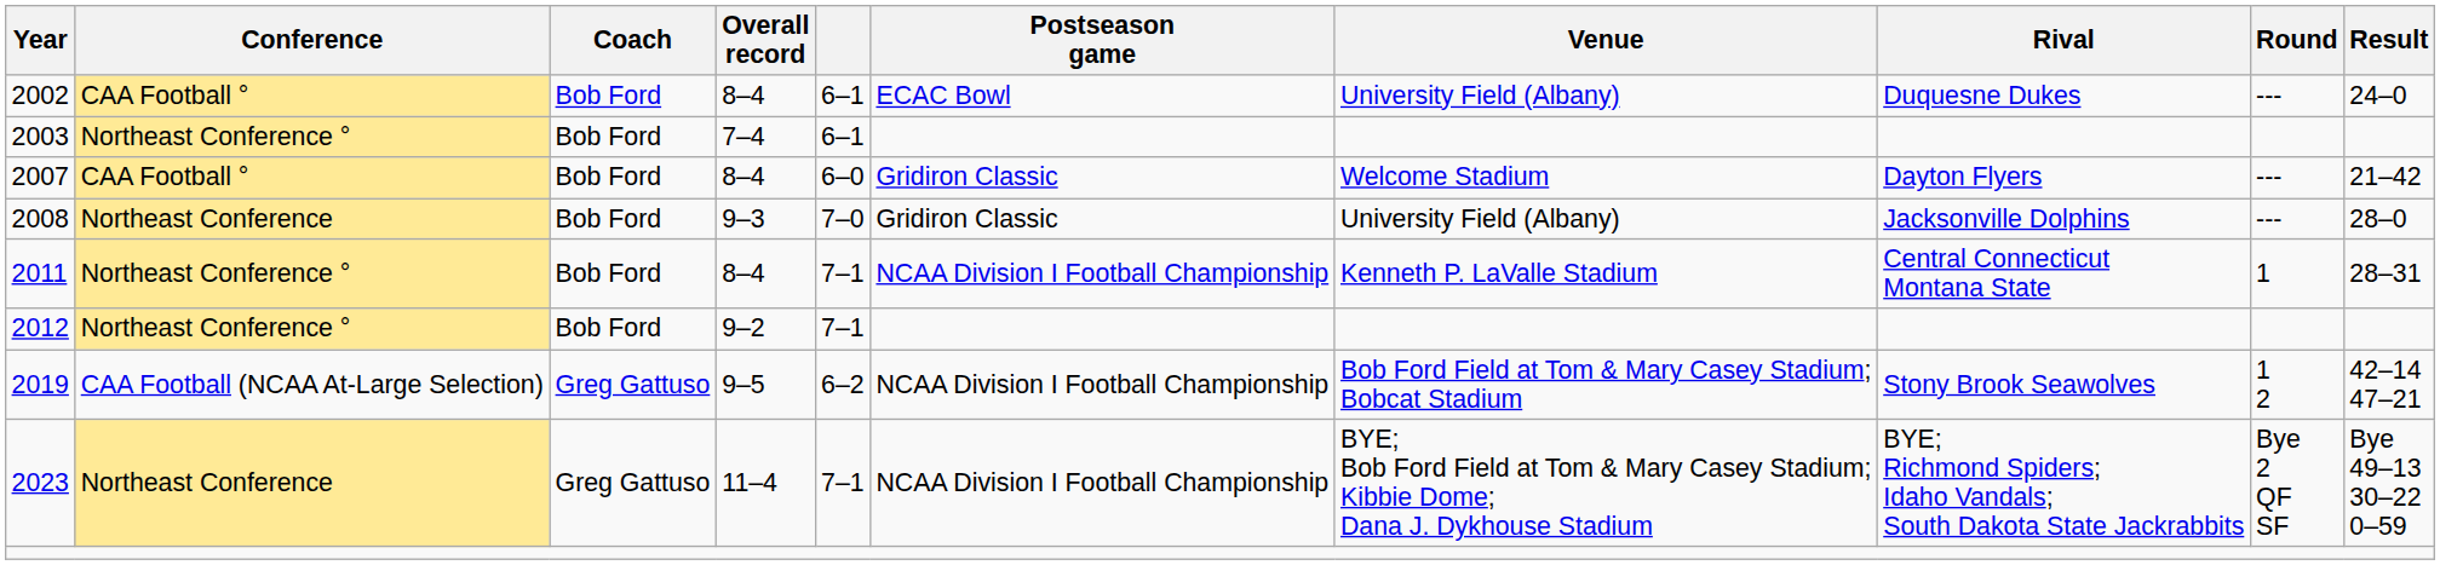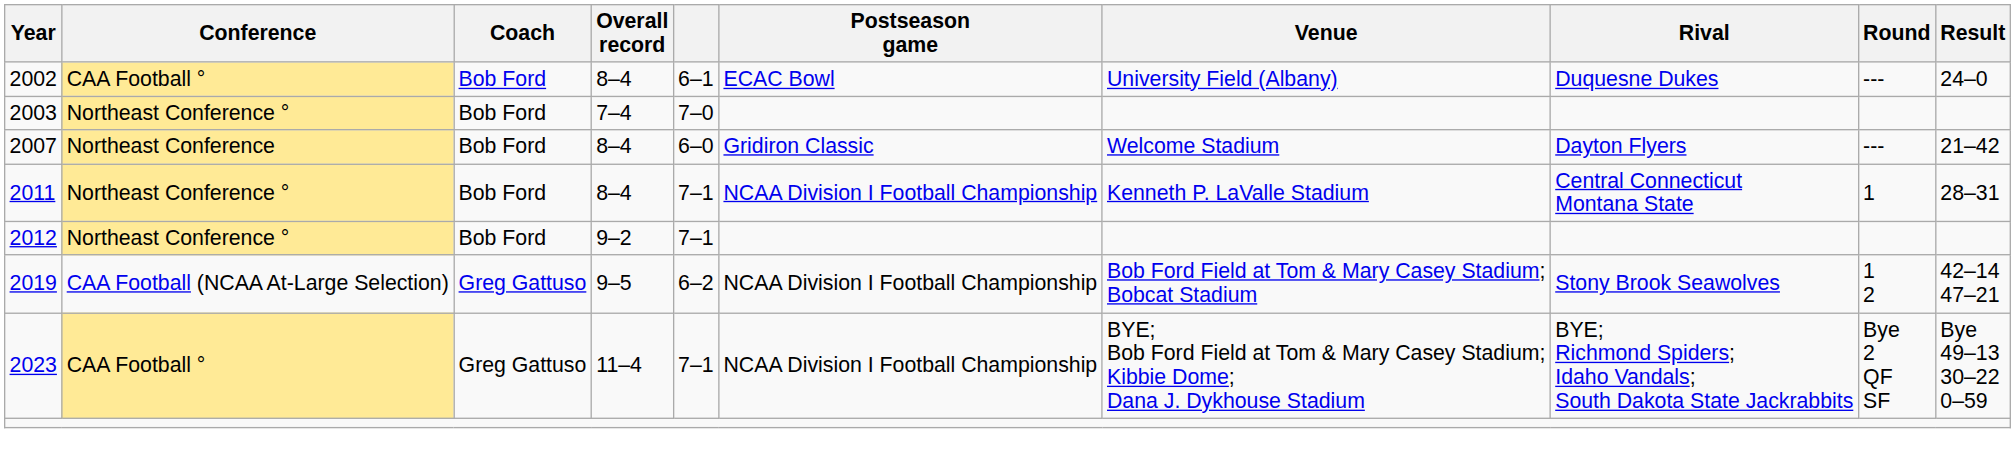 <table class= "wikitable sortable; style="text-align:center; font-size:90%">
 <tr>
 <th width=px>Year</th>
 <th width=px>Conference</th>
 <th width=px>Coach</th>
 <th width=px>Overall<br>record</th>
 <th width=px></th>
 <th width=px>Postseason<br>game</th>
 <th width=px>Venue</th>
 <th width=px>Rival</th>
 <th width=px>Round</th>
 <th width=px>Result</th>
 </tr>
 <tr>
 <td>2002</td>
 <td style= background:#FFEA96>CAA Football °</td>
 <td><a href='#'>Bob Ford</a></td>
 <td>8–4</td>
 <td>6–1</td>
 <td><a href='#'>ECAC Bowl</a></td>
 <td><a href='#'>University Field (Albany)</a></td>
 <td><a href='#'>Duquesne Dukes</a></td>
 <td>---</td>
 <td>24–0</td>
 </tr>
 <tr>
 <td>2003</td>
 <td style= background:#FFEA96>Northeast Conference °</td>
 <td>Bob Ford</td>
 <td>7–4</td>
-<td>6–1</td>
+<td>7–0</td>
 <td></td>
 <td></td>
 <td></td>
 <td></td>
 <td></td>
 </tr>
 <tr>
 <td>2007</td>
-<td style= background:#FFEA96>CAA Football °</td>
+<td style= background:#FFEA96>Northeast Conference</td>
 <td>Bob Ford</td>
 <td>8–4</td>
 <td>6–0</td>
 <td><a href='#'>Gridiron Classic</a></td>
 <td><a href='#'>Welcome Stadium</a></td>
 <td><a href='#'>Dayton Flyers</a></td>
 <td>---</td>
 <td>21–42</td>
-</tr>
-<tr>
-<td>2008</td>
-<td style= background:#FFEA96>Northeast Conference</td>
-<td>Bob Ford</td>
-<td>9–3</td>
-<td>7–0</td>
-<td>Gridiron Classic</td>
-<td>University Field (Albany)</td>
-<td><a href='#'>Jacksonville Dolphins</a></td>
-<td>---</td>
-<td>28–0</td>
 </tr>
 <tr>
 <td><a href='#'>2011</a></td>
 <td style= background:#FFEA96>Northeast Conference °</td>
 <td>Bob Ford</td>
 <td>8–4</td>
 <td>7–1</td>
 <td><a href='#'>NCAA Division I Football Championship</a></td>
 <td><a href='#'>Kenneth P. LaValle Stadium</a></td>
 <td><a href='#'>Central Connecticut</a><br><a href='#'>Montana State</a></td>
 <td>1</td>
 <td>28–31</td>
 </tr>
 <tr>
 <td><a href='#'>2012</a></td>
 <td style= background:#FFEA96>Northeast Conference °</td>
 <td>Bob Ford</td>
 <td>9–2</td>
 <td>7–1</td>
 <td></td>
 <td></td>
 <td></td>
 <td></td>
 <td></td>
 </tr>
 <tr>
 <td><a href='#'>2019</a></td>
 <td><a href='#'>CAA Football</a> (NCAA At-Large Selection)</td>
 <td><a href='#'>Greg Gattuso</a></td>
 <td>9–5</td>
 <td>6–2</td>
 <td>NCAA Division I Football Championship</td>
 <td><a href='#'>Bob Ford Field at Tom & Mary Casey Stadium</a>;<br><a href='#'>Bobcat Stadium</a></td>
 <td><a href='#'>Stony Brook Seawolves</a></td>
 <td>1<br>2</td>
 <td>42–14<br>47–21</td>
 </tr>
 <tr>
 <td><a href='#'>2023</a></td>
-<td style= background:#FFEA96>Northeast Conference</td>
+<td style= background:#FFEA96>CAA Football °</td>
 <td>Greg Gattuso</td>
 <td>11–4</td>
 <td>7–1</td>
 <td>NCAA Division I Football Championship</td>
 <td>BYE;<br>Bob Ford Field at Tom & Mary Casey Stadium;<br><a href='#'>Kibbie Dome</a>;<br><a href='#'>Dana J. Dykhouse Stadium</a></td>
 <td>BYE;<br><a href='#'>Richmond Spiders</a>;<br><a href='#'>Idaho Vandals</a>;<br><a href='#'>South Dakota State Jackrabbits</a></td>
 <td>Bye<br>2 <br>QF<br>SF</td>
 <td>Bye<br>49–13<br>30–22<br>0–59</td>
 </tr>
 <tr>
 <td colspan=10></td>
 </tr>
 </table>
